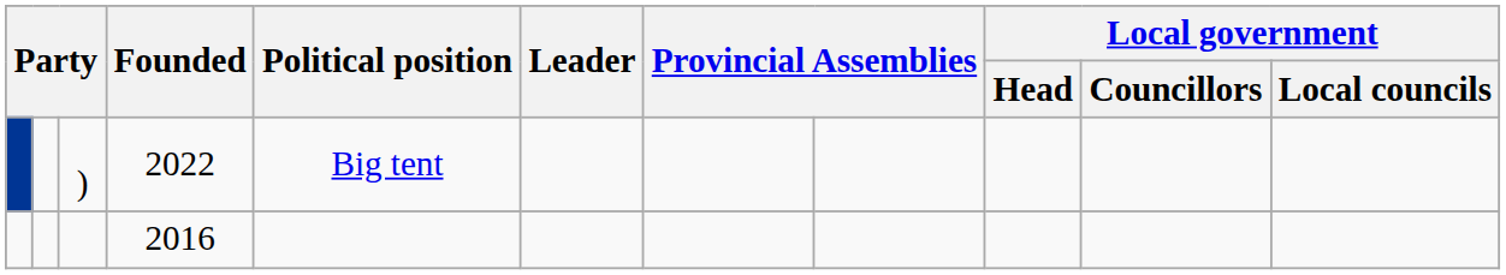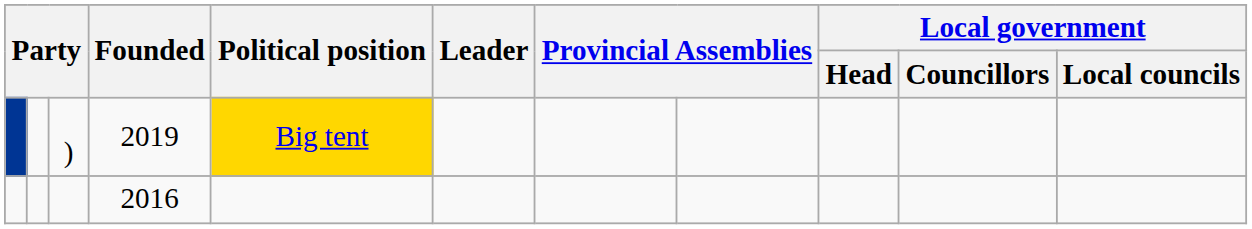 <table class="wikitable sortable" style="text-align: center;">
 <tr>
 <th colspan="3" rowspan="2" scope="col" class="unsortable">Party</th>
 <th rowspan="2" scope="col" class="unsortable">Founded</th>
 <th rowspan="2" scope="col" class="unsortable">Political position</th>
 <th rowspan="2" class="unsortable">Leader</th>
 <th colspan="2" rowspan="2" class="unsortable"><a href='#'>Provincial Assemblies</a></th>
 <th colspan="3"><a href='#'>Local government</a></th>
 </tr>
 <tr>
 <th data-sort-type="number">Head</th>
 <th data-sort-type="number">Councillors</th>
 <th scope="col" class="unsortable">Local councils</th>
 </tr>
 <tr>
 <td bgcolor=#003594></td>
 <td></td>
 <td><br>)<br></td>
-<td>2022</td>
-<td><a href='#'>Big tent</a></td>
+<td>2019</td>
+<td style="background: gold;"><a href='#'>Big tent</a></td>
 <td></td>
 <td></td>
 <td></td>
 <td></td>
 <td></td>
 <td></td>
 </tr>
 <tr>
 <td></td>
 <td></td>
 <td><br></td>
 <td>2016</td>
 <td></td>
 <td></td>
 <td></td>
 <td></td>
 <td></td>
 <td></td>
 <td></td>
 </tr>
 </table>
